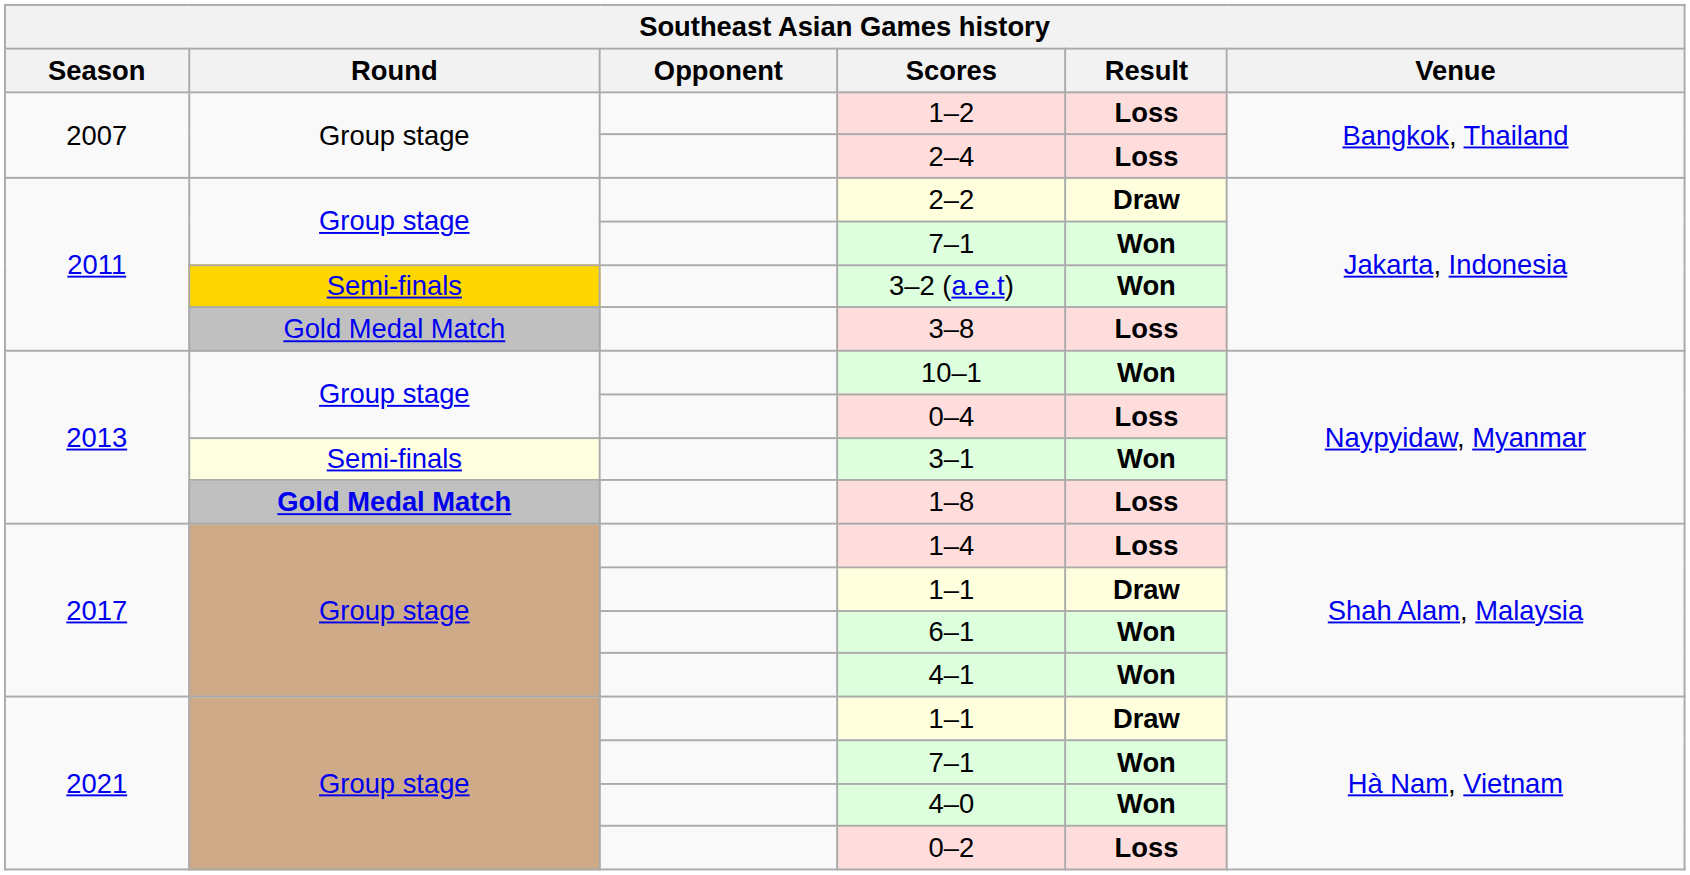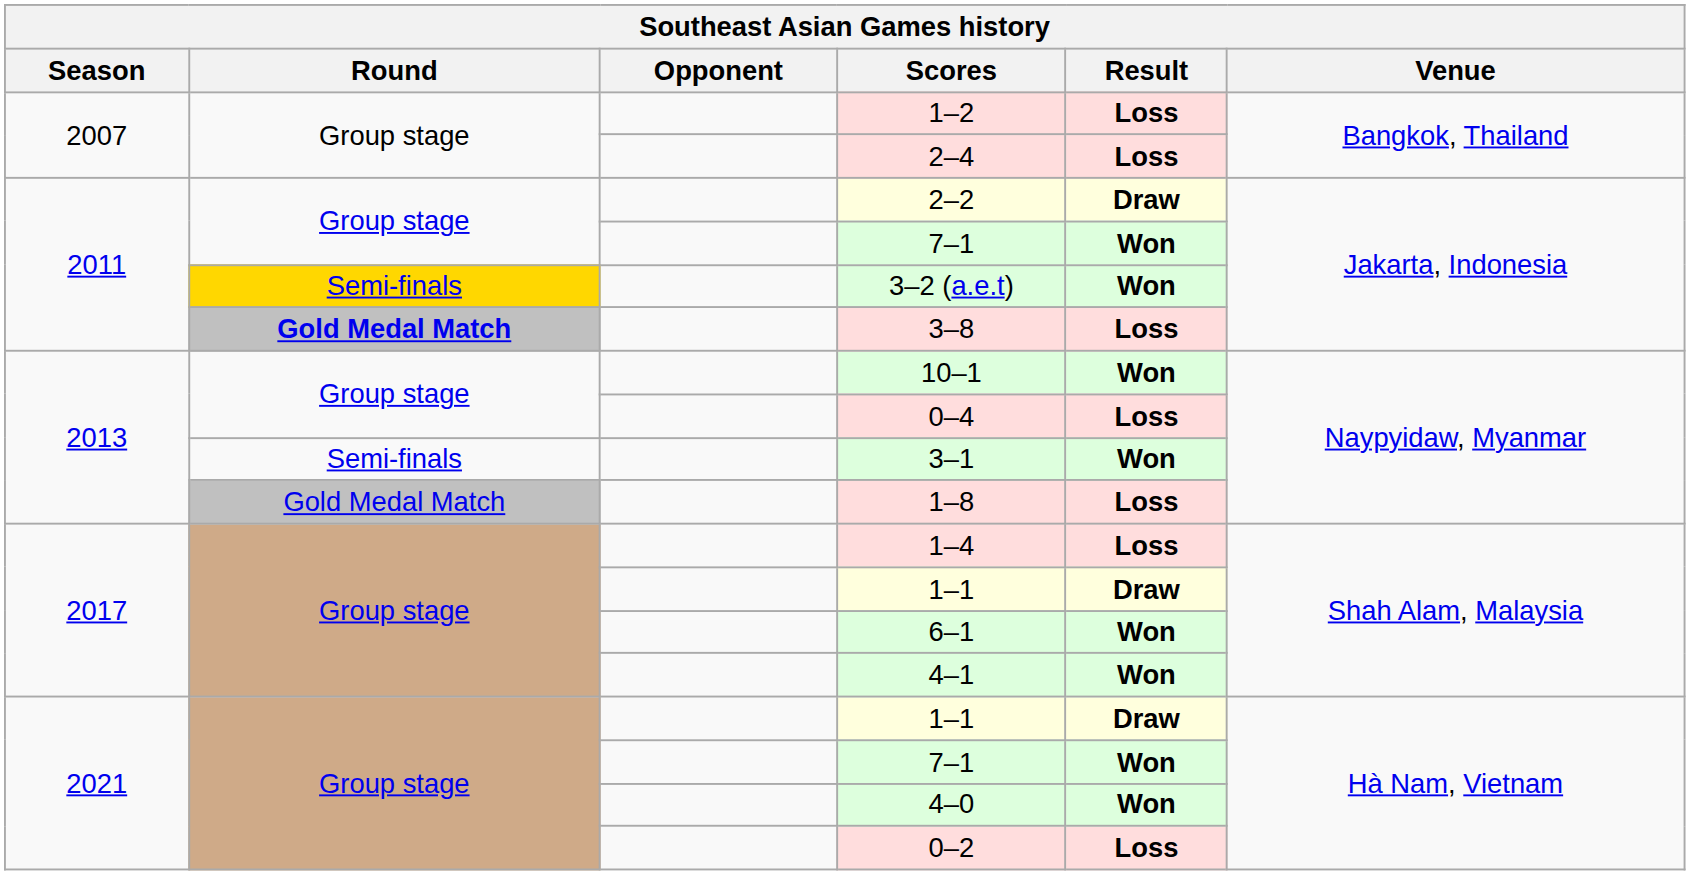 <table class="wikitable collapsible collapsed" style="text-align:center; font-size:90%; width:70%;">
 <tr>
 <th colspan="6">Southeast Asian Games history</th>
 </tr>
 <tr>
 <th>Season</th>
 <th>Round</th>
 <th>Opponent</th>
 <th>Scores</th>
 <th>Result</th>
 <th>Venue</th>
 </tr>
 <tr>
 <td rowspan=2>2007</td>
 <td rowspan=2>Group stage</td>
 <td style="text-align:left"></td>
 <td style="background:#fdd;">1–2</td>
 <td style="background:#fdd;"><strong>Loss</strong></td>
 <td rowspan=2> <a href='#'>Bangkok</a>, <a href='#'>Thailand</a></td>
 </tr>
 <tr>
 <td style="text-align:left"></td>
 <td style="background:#fdd;">2–4</td>
 <td style="background:#fdd;"><strong>Loss</strong></td>
 </tr>
 <tr>
 <td rowspan=4><a href='#'>2011</a></td>
 <td rowspan=2><a href='#'>Group stage</a></td>
 <td style="text-align:left"></td>
 <td style="background:#ffd;">2–2</td>
 <td style="background:#ffd;"><strong>Draw</strong></td>
 <td rowspan=4> <a href='#'>Jakarta</a>, <a href='#'>Indonesia</a></td>
 </tr>
 <tr>
 <td style="text-align:left"></td>
 <td style="background:#dfd;">7–1</td>
 <td style="background:#dfd;"><strong>Won</strong></td>
 </tr>
 <tr>
 <td style="background: gold;"><a href='#'>Semi-finals</a></td>
 <td style="text-align:left"></td>
 <td style="background:#dfd;">3–2 (<a href='#'>a.e.t</a>)</td>
 <td style="background:#dfd;"><strong>Won</strong></td>
 </tr>
 <tr>
-<td bgcolor=silver><a href='#'>Gold Medal Match</a></td>
+<td bgcolor=silver><strong><a href='#'>Gold Medal Match</a></strong></td>
 <td style="text-align:left"></td>
 <td style="background:#fdd;">3–8</td>
 <td style="background:#fdd;"><strong>Loss</strong></td>
 </tr>
 <tr>
 <td rowspan=4><a href='#'>2013</a></td>
 <td rowspan=2><a href='#'>Group stage</a></td>
 <td style="text-align:left"></td>
 <td style="background:#dfd;">10–1</td>
 <td style="background:#dfd;"><strong>Won</strong></td>
 <td rowspan=4> <a href='#'>Naypyidaw</a>, <a href='#'>Myanmar</a></td>
 </tr>
 <tr>
 <td style="text-align:left"></td>
 <td style="background:#fdd;">0–4</td>
 <td style="background:#fdd;"><strong>Loss</strong></td>
 </tr>
 <tr>
-<td style="background: lightyellow;"><a href='#'>Semi-finals</a></td>
+<td><a href='#'>Semi-finals</a></td>
 <td style="text-align:left"></td>
 <td style="background:#dfd;">3–1</td>
 <td style="background:#dfd;"><strong>Won</strong></td>
 </tr>
 <tr>
-<td bgcolor=silver><strong><a href='#'>Gold Medal Match</a></strong></td>
+<td bgcolor=silver><a href='#'>Gold Medal Match</a></td>
 <td style="text-align:left"></td>
 <td style="background:#fdd;">1–8</td>
 <td style="background:#fdd;"><strong>Loss</strong></td>
 </tr>
 <tr>
 <td rowspan=4><a href='#'>2017</a></td>
 <td rowspan=4 bgcolor=#CFAA88><a href='#'>Group stage</a></td>
 <td style="text-align:left"></td>
 <td style="background:#fdd;">1–4</td>
 <td style="background:#fdd;"><strong>Loss</strong></td>
 <td rowspan=4> <a href='#'>Shah Alam</a>, <a href='#'>Malaysia</a></td>
 </tr>
 <tr>
 <td style="text-align:left"></td>
 <td style="background:#ffd;">1–1</td>
 <td style="background:#ffd;"><strong>Draw</strong></td>
 </tr>
 <tr>
 <td style="text-align:left"></td>
 <td style="background:#dfd;">6–1</td>
 <td style="background:#dfd;"><strong>Won</strong></td>
 </tr>
 <tr>
 <td style="text-align:left"></td>
 <td style="background:#dfd;">4–1</td>
 <td style="background:#dfd;"><strong>Won</strong></td>
 </tr>
 <tr>
 <td rowspan=4><a href='#'>2021</a></td>
 <td rowspan=4 bgcolor=#CFAA88><a href='#'>Group stage</a></td>
 <td style="text-align:left"></td>
 <td style="background:#ffd;">1–1</td>
 <td style="background:#ffd;"><strong>Draw</strong></td>
 <td rowspan=4> <a href='#'>Hà Nam</a>, <a href='#'>Vietnam</a></td>
 </tr>
 <tr>
 <td style="text-align:left"></td>
 <td style="background:#dfd;">7–1</td>
 <td style="background:#dfd;"><strong>Won</strong></td>
 </tr>
 <tr>
 <td style="text-align:left"></td>
 <td style="background:#dfd;">4–0</td>
 <td style="background:#dfd;"><strong>Won</strong></td>
 </tr>
 <tr>
 <td style="text-align:left"></td>
 <td style="background:#fdd;">0–2</td>
 <td style="background:#fdd;"><strong>Loss</strong></td>
 </tr>
 </table>
